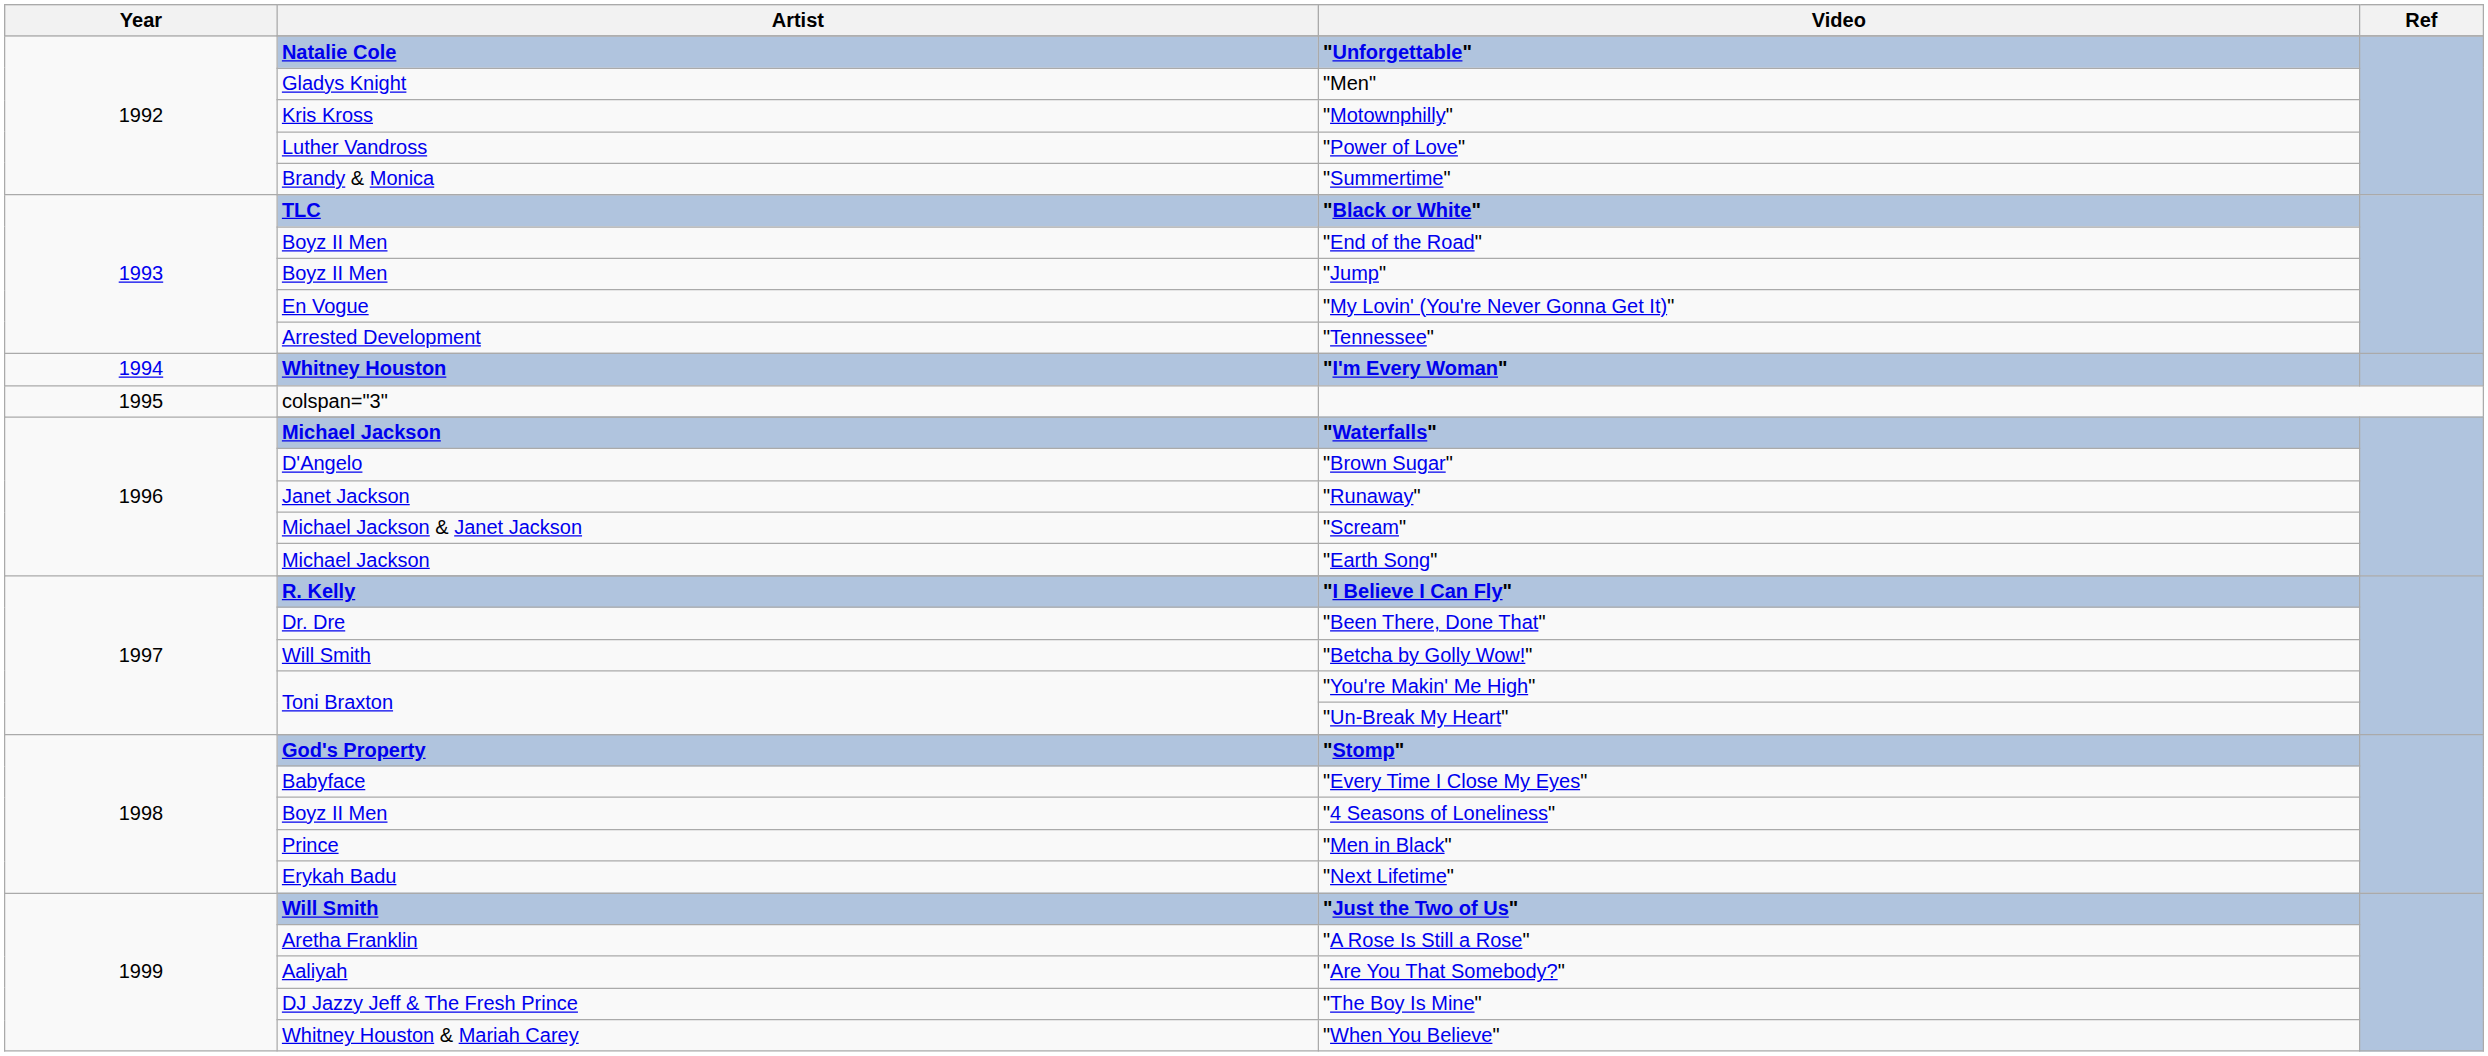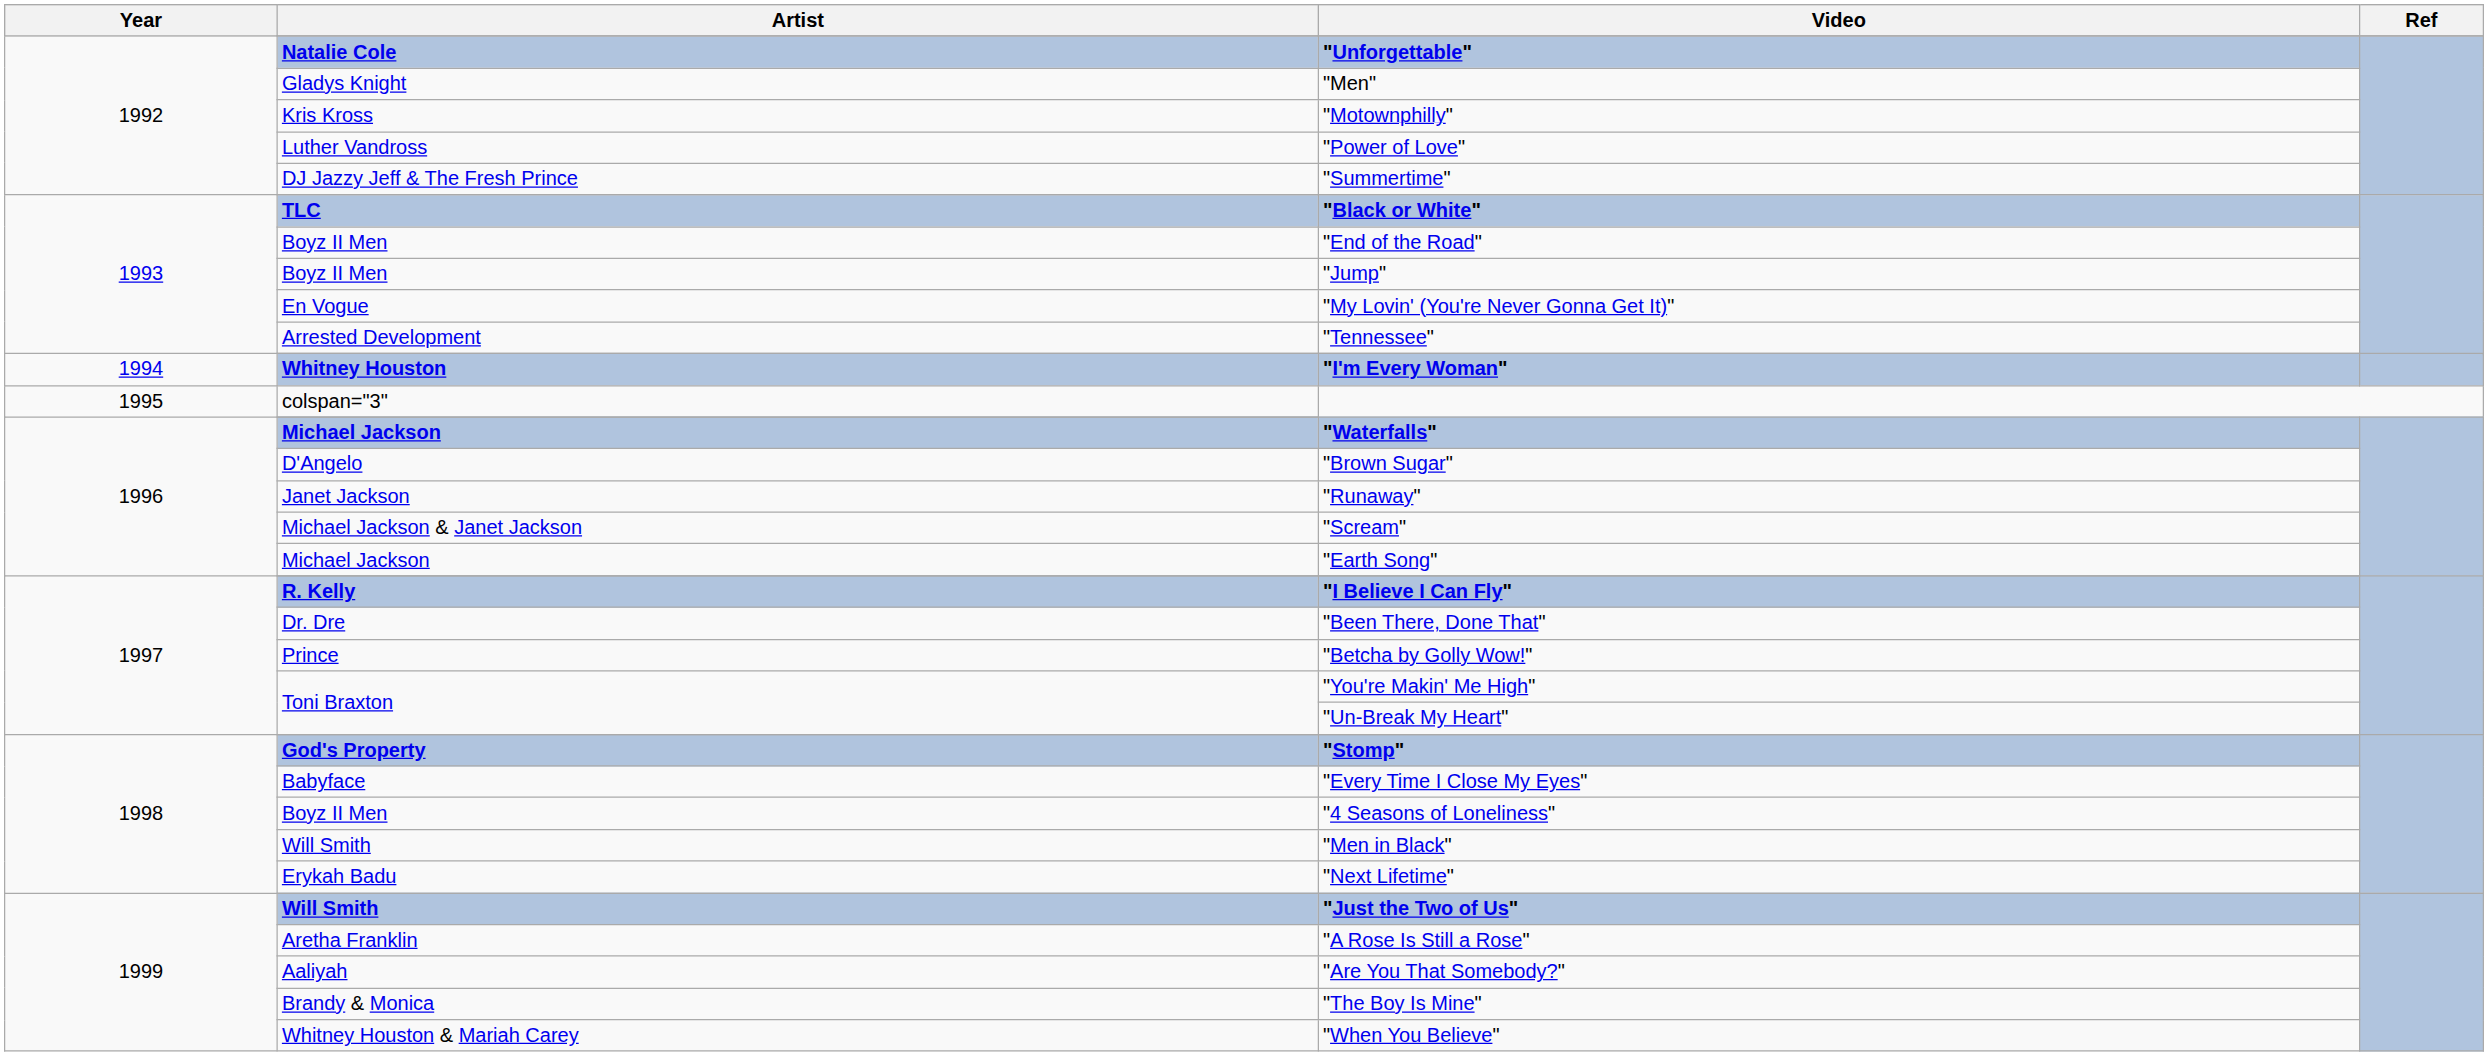 <table class="wikitable" style="width:100%;">
 <tr style="background:#bebebe;">
 <th style="width:11%;">Year</th>
 <th style="width:42%;">Artist</th>
 <th style="width:42%;">Video</th>
 <th style="width:5%;">Ref</th>
 </tr>
 <tr>
 <td rowspan="6" align="center">1992</td>
 </tr>
 <tr style="background:#B0C4DE">
 <td><strong><a href='#'>Natalie Cole</a></strong></td>
 <td><strong>"<a href='#'>Unforgettable</a>"</strong></td>
 <td rowspan="6" align="center"></td>
 </tr>
 <tr>
 <td><a href='#'>Gladys Knight</a></td>
 <td>"Men"</td>
 </tr>
 <tr>
 <td><a href='#'>Kris Kross</a></td>
 <td>"<a href='#'>Motownphilly</a>"</td>
 </tr>
 <tr>
 <td><a href='#'>Luther Vandross</a></td>
 <td>"<a href='#'>Power of Love</a>"</td>
 </tr>
 <tr>
-<td><a href='#'>Brandy</a> & <a href='#'>Monica</a></td>
+<td><a href='#'>DJ Jazzy Jeff & The Fresh Prince</a></td>
 <td>"<a href='#'>Summertime</a>"</td>
 </tr>
 <tr>
 <td rowspan="6" align="center"><a href='#'>1993</a></td>
 </tr>
 <tr style="background:#B0C4DE">
 <td><strong><a href='#'>TLC</a></strong></td>
 <td><strong>"<a href='#'>Black or White</a>"</strong></td>
 <td rowspan="6" align="center"></td>
 </tr>
 <tr>
 <td><a href='#'>Boyz II Men</a></td>
 <td>"<a href='#'>End of the Road</a>"</td>
 </tr>
 <tr>
 <td><a href='#'>Boyz II Men</a></td>
 <td>"<a href='#'>Jump</a>"</td>
 </tr>
 <tr>
 <td><a href='#'>En Vogue</a></td>
 <td>"<a href='#'>My Lovin' (You're Never Gonna Get It)</a>"</td>
 </tr>
 <tr>
 <td><a href='#'>Arrested Development</a></td>
 <td>"<a href='#'>Tennessee</a>"</td>
 </tr>
 <tr>
 <td rowspan="2" align="center"><a href='#'>1994</a></td>
 </tr>
 <tr style="background:#B0C4DE">
 <td><strong><a href='#'>Whitney Houston</a></strong></td>
 <td><strong>"<a href='#'>I'm Every Woman</a>"</strong></td>
 <td align="center"></td>
 </tr>
 <tr>
 <td align="center">1995</td>
 <td>colspan="3" </td>
 </tr>
 <tr>
 <td rowspan="6" align="center">1996</td>
 </tr>
 <tr style="background:#B0C4DE">
 <td><strong><a href='#'>Michael Jackson</a></strong></td>
 <td><strong>"<a href='#'>Waterfalls</a>"</strong></td>
 <td rowspan="6" align="center"></td>
 </tr>
 <tr>
 <td><a href='#'>D'Angelo</a></td>
 <td>"<a href='#'>Brown Sugar</a>"</td>
 </tr>
 <tr>
 <td><a href='#'>Janet Jackson</a></td>
 <td>"<a href='#'>Runaway</a>"</td>
 </tr>
 <tr>
 <td><a href='#'>Michael Jackson</a> & <a href='#'>Janet Jackson</a></td>
 <td>"<a href='#'>Scream</a>"</td>
 </tr>
 <tr>
 <td><a href='#'>Michael Jackson</a></td>
 <td>"<a href='#'>Earth Song</a>"</td>
 </tr>
 <tr>
 <td rowspan="6" align="center">1997</td>
 </tr>
 <tr style="background:#B0C4DE">
 <td><strong><a href='#'>R. Kelly</a></strong></td>
 <td><strong>"<a href='#'>I Believe I Can Fly</a>"</strong></td>
 <td rowspan="6" align="center"></td>
 </tr>
 <tr>
 <td><a href='#'>Dr. Dre</a></td>
 <td>"<a href='#'>Been There, Done That</a>"</td>
 </tr>
 <tr>
-<td><a href='#'>Will Smith</a></td>
+<td><a href='#'>Prince</a></td>
 <td>"<a href='#'>Betcha by Golly Wow!</a>"</td>
 </tr>
 <tr>
 <td rowspan="2"><a href='#'>Toni Braxton</a></td>
 <td>"<a href='#'>You're Makin' Me High</a>"</td>
 </tr>
 <tr>
 <td>"<a href='#'>Un-Break My Heart</a>"</td>
 </tr>
 <tr>
 <td rowspan="6" align="center">1998</td>
 </tr>
 <tr style="background:#B0C4DE">
 <td><strong><a href='#'>God's Property</a></strong></td>
 <td><strong>"<a href='#'>Stomp</a>"</strong></td>
 <td rowspan="5" align="center"></td>
 </tr>
 <tr>
 <td><a href='#'>Babyface</a></td>
 <td>"<a href='#'>Every Time I Close My Eyes</a>"</td>
 </tr>
 <tr>
 <td><a href='#'>Boyz II Men</a></td>
 <td>"<a href='#'>4 Seasons of Loneliness</a>"</td>
 </tr>
 <tr>
-<td><a href='#'>Prince</a></td>
+<td><a href='#'>Will Smith</a></td>
 <td>"<a href='#'>Men in Black</a>"</td>
 </tr>
 <tr>
 <td><a href='#'>Erykah Badu</a></td>
 <td>"<a href='#'>Next Lifetime</a>"</td>
 </tr>
 <tr>
 <td rowspan="6" align="center">1999</td>
 </tr>
 <tr style="background:#B0C4DE">
 <td><strong><a href='#'>Will Smith</a></strong></td>
 <td><strong>"<a href='#'>Just the Two of Us</a>"</strong></td>
 <td rowspan="6" align="center"></td>
 </tr>
 <tr>
 <td><a href='#'>Aretha Franklin</a></td>
 <td>"<a href='#'>A Rose Is Still a Rose</a>"</td>
 </tr>
 <tr>
 <td><a href='#'>Aaliyah</a></td>
 <td>"<a href='#'>Are You That Somebody?</a>"</td>
 </tr>
 <tr>
-<td><a href='#'>DJ Jazzy Jeff & The Fresh Prince</a></td>
+<td><a href='#'>Brandy</a> & <a href='#'>Monica</a></td>
 <td>"<a href='#'>The Boy Is Mine</a>"</td>
 </tr>
 <tr>
 <td><a href='#'>Whitney Houston</a> & <a href='#'>Mariah Carey</a></td>
 <td>"<a href='#'>When You Believe</a>"</td>
 </tr>
 </table>
